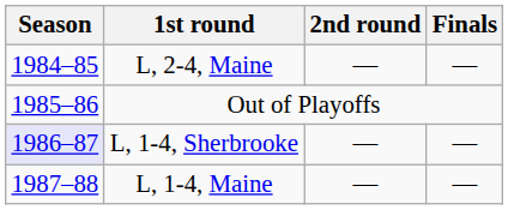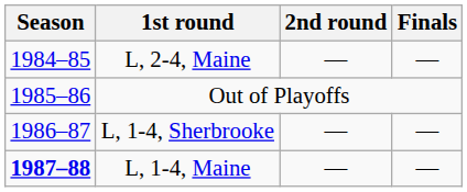 <table class="wikitable" style="text-align:center">
 <tr>
 <th>Season</th>
 <th>1st round</th>
 <th>2nd round</th>
 <th>Finals</th>
 </tr>
 <tr>
 <td><a href='#'>1984–85</a></td>
 <td>L, 2-4, <a href='#'>Maine</a></td>
 <td>—</td>
 <td>—</td>
 </tr>
 <tr>
 <td><a href='#'>1985–86</a></td>
 <td colspan="3">Out of Playoffs</td>
 </tr>
 <tr>
-<td style="background: lavender;"><a href='#'>1986–87</a></td>
+<td><a href='#'>1986–87</a></td>
 <td>L, 1-4, <a href='#'>Sherbrooke</a></td>
 <td>—</td>
 <td>—</td>
 </tr>
 <tr>
-<td><a href='#'>1987–88</a></td>
+<td><strong><a href='#'>1987–88</a></strong></td>
 <td>L, 1-4, <a href='#'>Maine</a></td>
 <td>—</td>
 <td>—</td>
 </tr>
 </table>
